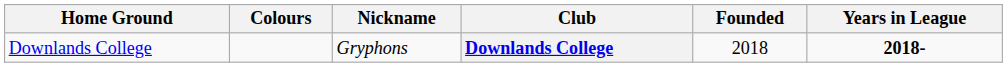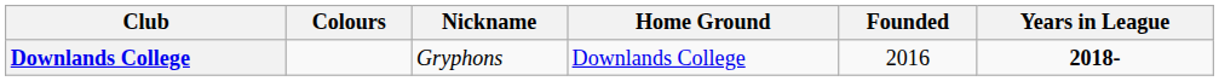 <table class="wikitable sortable" style="text-align:center; width:100%">
 <tr>
-<th>Home Ground</th>
+<th>Club</th>
 <th>Colours</th>
 <th>Nickname</th>
-<th>Club</th>
+<th>Home Ground</th>
 <th>Founded</th>
 <th>Years in League</th>
 </tr>
 <tr>
-<td align="left"><a href='#'>Downlands College</a></td>
+<th style="text-align:left"><a href='#'>Downlands College</a></th>
 <td></td>
 <td align="left"><em>Gryphons</em></td>
-<th style="text-align:left"><a href='#'>Downlands College</a></th>
-<td>2018</td>
+<td align="left"><a href='#'>Downlands College</a></td>
+<td>2016</td>
 <td><strong>2018-</strong></td>
 </tr>
 </table>
